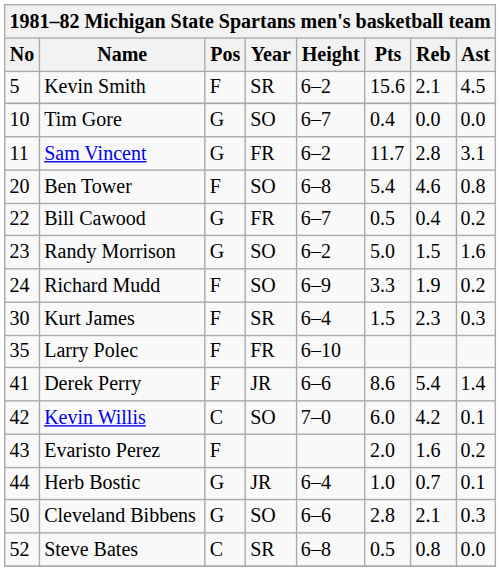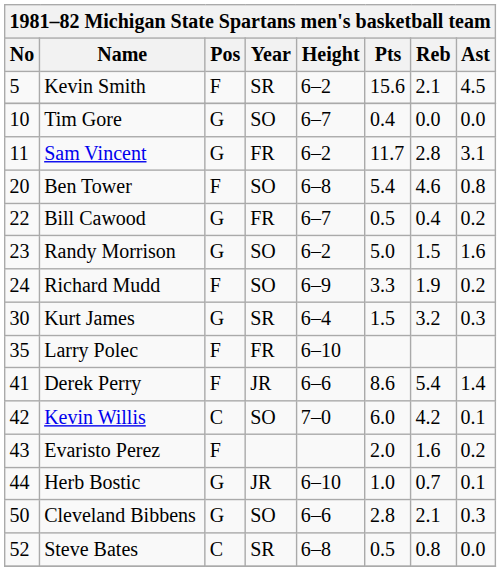 <table class="wikitable sortable" style="font-size: 90%" |->
 <tr>
 <th colspan=9 style=>1981–82 Michigan State Spartans men's basketball team</th>
 </tr>
 <tr>
 <th style="background:#">No</th>
 <th style="background:#">Name</th>
 <th style="background:#">Pos</th>
 <th style="background:#">Year</th>
 <th style="background:#">Height</th>
 <th style="background:#">Pts</th>
 <th style="background:#">Reb</th>
 <th style="background:#">Ast</th>
 </tr>
 <tr>
 <td>5</td>
 <td>Kevin Smith</td>
 <td>F</td>
 <td>SR</td>
 <td>6–2</td>
 <td>15.6</td>
 <td>2.1</td>
 <td>4.5</td>
 </tr>
 <tr>
 </tr>
 <tr>
 <td>10</td>
 <td>Tim Gore</td>
 <td>G</td>
 <td>SO</td>
 <td>6–7</td>
 <td>0.4</td>
 <td>0.0</td>
 <td>0.0</td>
 </tr>
 <tr>
 <td>11</td>
 <td><a href='#'>Sam Vincent</a></td>
 <td>G</td>
 <td>FR</td>
 <td>6–2</td>
 <td>11.7</td>
 <td>2.8</td>
 <td>3.1</td>
 </tr>
 <tr>
 <td>20</td>
 <td>Ben Tower</td>
 <td>F</td>
 <td>SO</td>
 <td>6–8</td>
 <td>5.4</td>
 <td>4.6</td>
 <td>0.8</td>
 </tr>
 <tr>
 <td>22</td>
 <td>Bill Cawood</td>
 <td>G</td>
 <td>FR</td>
 <td>6–7</td>
 <td>0.5</td>
 <td>0.4</td>
 <td>0.2</td>
 </tr>
 <tr>
 <td>23</td>
 <td>Randy Morrison</td>
 <td>G</td>
 <td>SO</td>
 <td>6–2</td>
 <td>5.0</td>
 <td>1.5</td>
 <td>1.6</td>
 </tr>
 <tr>
 <td>24</td>
 <td>Richard Mudd</td>
 <td>F</td>
 <td>SO</td>
 <td>6–9</td>
 <td>3.3</td>
 <td>1.9</td>
 <td>0.2</td>
 </tr>
 <tr>
 <td>30</td>
 <td>Kurt James</td>
-<td>F</td>
+<td>G</td>
 <td>SR</td>
 <td>6–4</td>
 <td>1.5</td>
-<td>2.3</td>
+<td>3.2</td>
 <td>0.3</td>
 </tr>
 <tr>
 <td>35</td>
 <td>Larry Polec</td>
 <td>F</td>
 <td>FR</td>
 <td>6–10</td>
 <td></td>
 <td></td>
 <td></td>
 </tr>
 <tr>
 <td>41</td>
 <td>Derek Perry</td>
 <td>F</td>
 <td>JR</td>
 <td>6–6</td>
 <td>8.6</td>
 <td>5.4</td>
 <td>1.4</td>
 </tr>
 <tr>
 <td>42</td>
 <td><a href='#'>Kevin Willis</a></td>
 <td>C</td>
 <td>SO</td>
 <td>7–0</td>
 <td>6.0</td>
 <td>4.2</td>
 <td>0.1</td>
 </tr>
 <tr>
 <td>43</td>
 <td>Evaristo Perez</td>
 <td>F</td>
 <td></td>
 <td></td>
 <td>2.0</td>
 <td>1.6</td>
 <td>0.2</td>
 </tr>
 <tr>
 <td>44</td>
 <td>Herb Bostic</td>
 <td>G</td>
 <td>JR</td>
-<td>6–4</td>
+<td>6–10</td>
 <td>1.0</td>
 <td>0.7</td>
 <td>0.1</td>
 </tr>
 <tr>
 <td>50</td>
 <td>Cleveland Bibbens</td>
 <td>G</td>
 <td>SO</td>
 <td>6–6</td>
 <td>2.8</td>
 <td>2.1</td>
 <td>0.3</td>
 </tr>
 <tr>
 <td>52</td>
 <td>Steve Bates</td>
 <td>C</td>
 <td>SR</td>
 <td>6–8</td>
 <td>0.5</td>
 <td>0.8</td>
 <td>0.0</td>
 </tr>
 <tr>
 </tr>
 </table>
